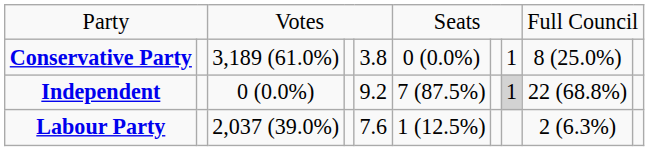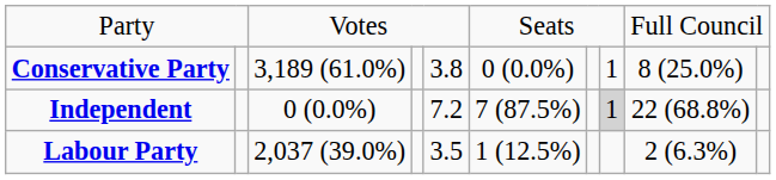 <table class=wikitable style="text-align:center;">
 <tr>
 <td colspan=2>Party</td>
 <td colspan=3>Votes</td>
 <td colspan=3>Seats</td>
 <td colspan=3>Full Council</td>
 </tr>
 <tr>
 <td><strong><a href='#'>Conservative Party</a></strong></td>
 <td style="background:"></td>
 <td>3,189 (61.0%)</td>
 <td></td>
 <td> 3.8</td>
 <td>0 (0.0%)</td>
 <td></td>
 <td> 1</td>
 <td>8 (25.0%)</td>
 <td></td>
 </tr>
 <tr>
 <td><strong><a href='#'>Independent</a></strong></td>
 <td style="background:"></td>
 <td>0 (0.0%)</td>
 <td></td>
-<td> 9.2</td>
+<td> 7.2</td>
 <td>7 (87.5%)</td>
 <td></td>
 <td style="background: lightgrey;"> 1</td>
 <td>22 (68.8%)</td>
 <td></td>
 </tr>
 <tr>
 <td><strong><a href='#'>Labour Party</a></strong></td>
 <td style="background:"></td>
 <td>2,037 (39.0%)</td>
 <td></td>
-<td> 7.6</td>
+<td> 3.5</td>
 <td>1 (12.5%)</td>
 <td></td>
 <td></td>
 <td>2 (6.3%)</td>
 <td></td>
 </tr>
 </table>
